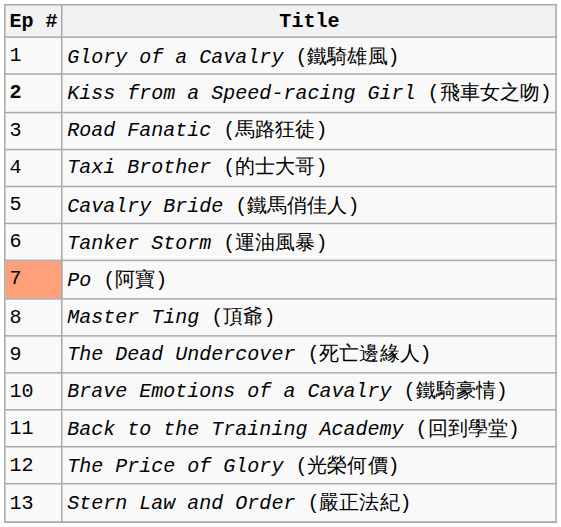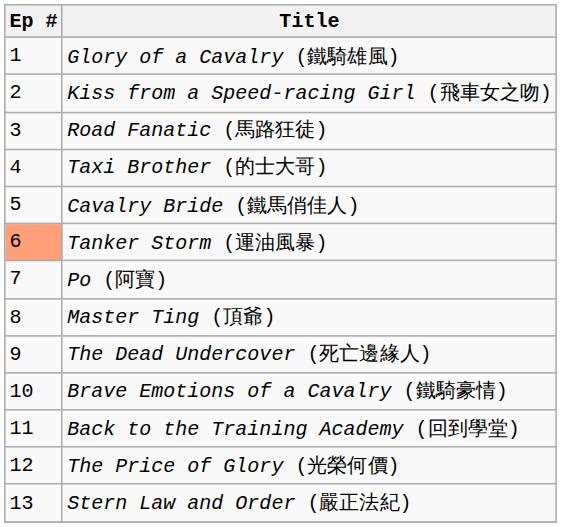 <table class="wikitable" border="1">
 <tr>
 <th>Ep #</th>
 <th>Title</th>
 </tr>
 <tr>
 <td>1</td>
 <td><em>Glory of a Cavalry</em> (鐵騎雄風)</td>
 </tr>
 <tr>
-<td><strong>2</strong></td>
+<td>2</td>
 <td><em>Kiss from a Speed-racing Girl</em> (飛車女之吻)</td>
 </tr>
 <tr>
 <td>3</td>
 <td><em>Road Fanatic</em> (馬路狂徒)</td>
 </tr>
 <tr>
 <td>4</td>
 <td><em>Taxi Brother</em> (的士大哥)</td>
 </tr>
 <tr>
 <td>5</td>
 <td><em>Cavalry Bride</em> (鐵馬俏佳人)</td>
 </tr>
 <tr>
-<td>6</td>
+<td style="background: lightsalmon;">6</td>
 <td><em>Tanker Storm</em> (運油風暴)</td>
 </tr>
 <tr>
-<td style="background: lightsalmon;">7</td>
+<td>7</td>
 <td><em>Po</em> (阿寶)</td>
 </tr>
 <tr>
 <td>8</td>
 <td><em>Master Ting</em> (頂爺)</td>
 </tr>
 <tr>
 <td>9</td>
 <td><em>The Dead Undercover</em> (死亡邊緣人)</td>
 </tr>
 <tr>
 <td>10</td>
 <td><em>Brave Emotions of a Cavalry</em> (鐵騎豪情)</td>
 </tr>
 <tr>
 <td>11</td>
 <td><em>Back to the Training Academy</em> (回到學堂)</td>
 </tr>
 <tr>
 <td>12</td>
 <td><em>The Price of Glory</em> (光榮何價)</td>
 </tr>
 <tr>
 <td>13</td>
 <td><em>Stern Law and Order</em> (嚴正法紀)</td>
 </tr>
 <tr>
 </tr>
 </table>
